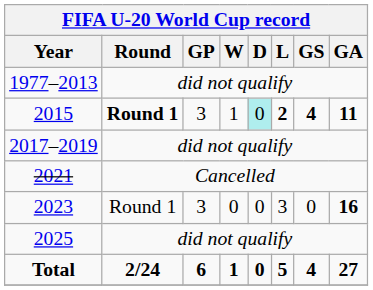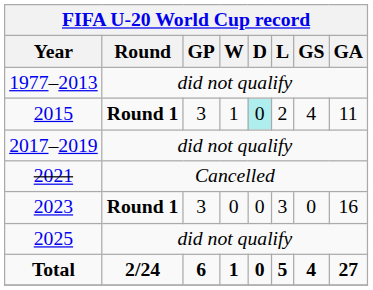 <table class="wikitable" style="text-align: center;">
 <tr>
 <th colspan=9><a href='#'>FIFA U-20 World Cup record</a></th>
 </tr>
 <tr>
 <th>Year</th>
 <th>Round</th>
 <th>GP</th>
 <th>W</th>
 <th>D</th>
 <th>L</th>
 <th>GS</th>
 <th>GA</th>
 </tr>
 <tr>
 <td> <a href='#'>1977</a>–<a href='#'>2013</a></td>
 <td colspan=8><em>did not qualify</em></td>
 </tr>
 <tr>
 <td> <a href='#'>2015</a></td>
 <td><strong>Round 1</strong></td>
 <td>3</td>
 <td>1</td>
 <td style="background: paleturquoise;">0</td>
-<td><strong>2</strong></td>
-<td><strong>4</strong></td>
-<td><strong>11</strong></td>
+<td>2</td>
+<td>4</td>
+<td>11</td>
 </tr>
 <tr>
 <td><a href='#'>2017</a>–<a href='#'>2019</a></td>
 <td colspan=8><em>did not qualify</em></td>
 </tr>
 <tr>
 <td> <s><a href='#'>2021</a></s></td>
 <td colspan=8><em>Cancelled</em></td>
 </tr>
 <tr>
 <td> <a href='#'>2023</a></td>
-<td>Round 1</td>
+<td><strong>Round 1</strong></td>
 <td>3</td>
 <td>0</td>
 <td>0</td>
 <td>3</td>
 <td>0</td>
-<td><strong>16</strong></td>
+<td>16</td>
 </tr>
 <tr>
 <td> <a href='#'>2025</a></td>
 <td colspan=8><em>did not qualify</em></td>
 </tr>
 <tr>
 <td><strong>Total</strong></td>
 <td><strong>2/24</strong></td>
 <td><strong>6</strong></td>
 <td><strong>1</strong></td>
 <td><strong>0</strong></td>
 <td><strong>5</strong></td>
 <td><strong>4</strong></td>
 <td><strong>27</strong></td>
 </tr>
 <tr>
 </tr>
 </table>
